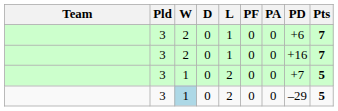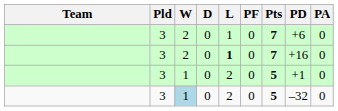 <table class="wikitable" style="text-align:center;">
 <tr>
 <th width=175>Team</th>
 <th width=20 abbr="Played">Pld</th>
 <th width=20 abbr="Won">W</th>
 <th width=20 abbr="Drawn">D</th>
 <th width=20 abbr="Lost">L</th>
 <th width=20 abbr="Points for">PF</th>
+<th width=20 abbr="Points">Pts</th>
+<th width=25 abbr="Points difference">PD</th>
 <th width=20 abbr="Points against">PA</th>
-<th width=25 abbr="Points difference">PD</th>
-<th width=20 abbr="Points">Pts</th>
 </tr>
 <tr style="background:#ccffcc">
 <td align=left></td>
 <td>3</td>
 <td>2</td>
 <td>0</td>
 <td>1</td>
 <td>0</td>
+<td><strong>7</strong></td>
+<td>+6</td>
 <td>0</td>
-<td>+6</td>
-<td><strong>7</strong></td>
 </tr>
 <tr style="background:#ccffcc">
 <td align=left></td>
 <td>3</td>
 <td>2</td>
 <td>0</td>
-<td>1</td>
+<td><strong>1</strong></td>
 <td>0</td>
+<td><strong>7</strong></td>
+<td>+16</td>
 <td>0</td>
-<td>+16</td>
-<td><strong>7</strong></td>
 </tr>
 <tr style="background:#ccffcc">
 <td align=left></td>
 <td>3</td>
 <td>1</td>
 <td>0</td>
 <td>2</td>
 <td>0</td>
+<td><strong>5</strong></td>
+<td>+1</td>
 <td>0</td>
-<td>+7</td>
-<td><strong>5</strong></td>
 </tr>
 <tr>
 <td align=left></td>
 <td>3</td>
 <td style="background: lightblue;">1</td>
 <td>0</td>
 <td>2</td>
 <td>0</td>
+<td><strong>5</strong></td>
+<td>–32</td>
 <td>0</td>
-<td>–29</td>
-<td><strong>5</strong></td>
 </tr>
 </table>
